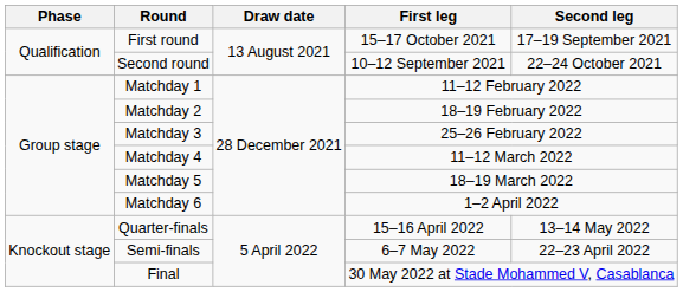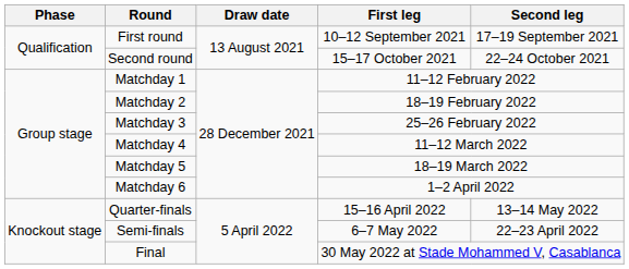 <table class="wikitable" style="text-align:center">
 <tr>
 <th>Phase</th>
 <th>Round</th>
 <th>Draw date</th>
 <th>First leg</th>
 <th>Second leg</th>
 </tr>
 <tr>
 <td rowspan=2>Qualification</td>
 <td>First round</td>
 <td rowspan=2>13 August 2021</td>
-<td>15–17 October 2021</td>
+<td>10–12 September 2021</td>
 <td>17–19 September 2021</td>
 </tr>
 <tr>
 <td>Second round</td>
-<td>10–12 September 2021</td>
+<td>15–17 October 2021</td>
 <td>22–24 October 2021</td>
 </tr>
 <tr>
 <td rowspan=6>Group stage</td>
 <td>Matchday 1</td>
 <td rowspan=6>28 December 2021</td>
 <td colspan=2>11–12 February 2022</td>
 </tr>
 <tr>
 <td>Matchday 2</td>
 <td colspan=2>18–19 February 2022</td>
 </tr>
 <tr>
 <td>Matchday 3</td>
 <td colspan=2>25–26 February 2022</td>
 </tr>
 <tr>
 <td>Matchday 4</td>
 <td colspan=2>11–12 March 2022</td>
 </tr>
 <tr>
 <td>Matchday 5</td>
 <td colspan=2>18–19 March 2022</td>
 </tr>
 <tr>
 <td>Matchday 6</td>
 <td colspan=2>1–2 April 2022</td>
 </tr>
 <tr>
 <td rowspan=3>Knockout stage</td>
 <td>Quarter-finals</td>
 <td rowspan=3>5 April 2022</td>
 <td>15–16 April 2022</td>
 <td>13–14 May 2022</td>
 </tr>
 <tr>
 <td>Semi-finals</td>
 <td>6–7 May 2022</td>
 <td>22–23 April 2022</td>
 </tr>
 <tr>
 <td>Final</td>
 <td colspan=2>30 May 2022 at <a href='#'>Stade Mohammed V</a>, <a href='#'>Casablanca</a></td>
 </tr>
 </table>
